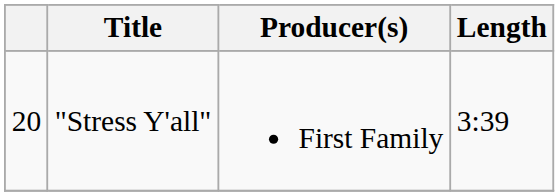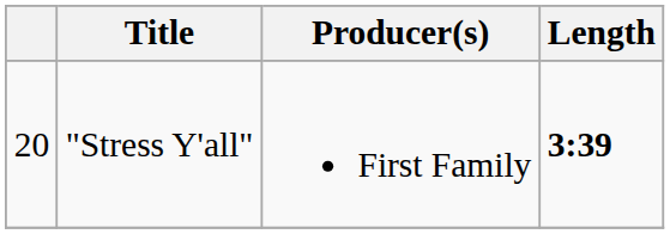 <table class="wikitable">
 <tr>
 <th scope="col"></th>
 <th scope="col">Title</th>
 <th scope="col">Producer(s)</th>
 <th scope="col">Length</th>
 </tr>
 <tr>
 <td style="text-align:center;">20</td>
 <td>"Stress Y'all"</td>
 <td><br><ul><li>First Family</li></ul></td>
-<td>3:39</td>
+<td><strong>3:39</strong></td>
 </tr>
 <tr>
 </tr>
 </table>
